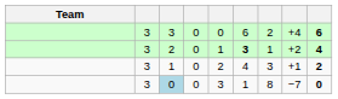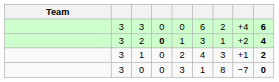 <table class="wikitable" style="text-align: center; font-size:90% ">
 <tr>
 <th width=160>Team</th>
 <th width=25></th>
 <th width=25></th>
 <th width=25></th>
 <th width=25></th>
 <th width=25></th>
 <th width=25></th>
 <th width=25></th>
 <th width=25></th>
 </tr>
 <tr bgcolor=ccffcc>
 <td align=left></td>
 <td>3</td>
 <td>3</td>
 <td>0</td>
 <td>0</td>
 <td>6</td>
 <td>2</td>
 <td>+4</td>
 <td><strong>6</strong></td>
 </tr>
 <tr bgcolor=ccffcc>
 <td align=left></td>
 <td>3</td>
 <td>2</td>
-<td>0</td>
+<td><strong>0</strong></td>
 <td>1</td>
-<td><strong>3</strong></td>
+<td>3</td>
 <td>1</td>
 <td>+2</td>
 <td><strong>4</strong></td>
 </tr>
 <tr>
 <td align=left></td>
 <td>3</td>
 <td>1</td>
 <td>0</td>
 <td>2</td>
 <td>4</td>
 <td>3</td>
 <td>+1</td>
 <td><strong>2</strong></td>
 </tr>
 <tr>
 <td align=left></td>
 <td>3</td>
-<td style="background: lightblue;">0</td>
+<td>0</td>
 <td>0</td>
 <td>3</td>
 <td>1</td>
 <td>8</td>
 <td>−7</td>
 <td><strong>0</strong></td>
 </tr>
 </table>
